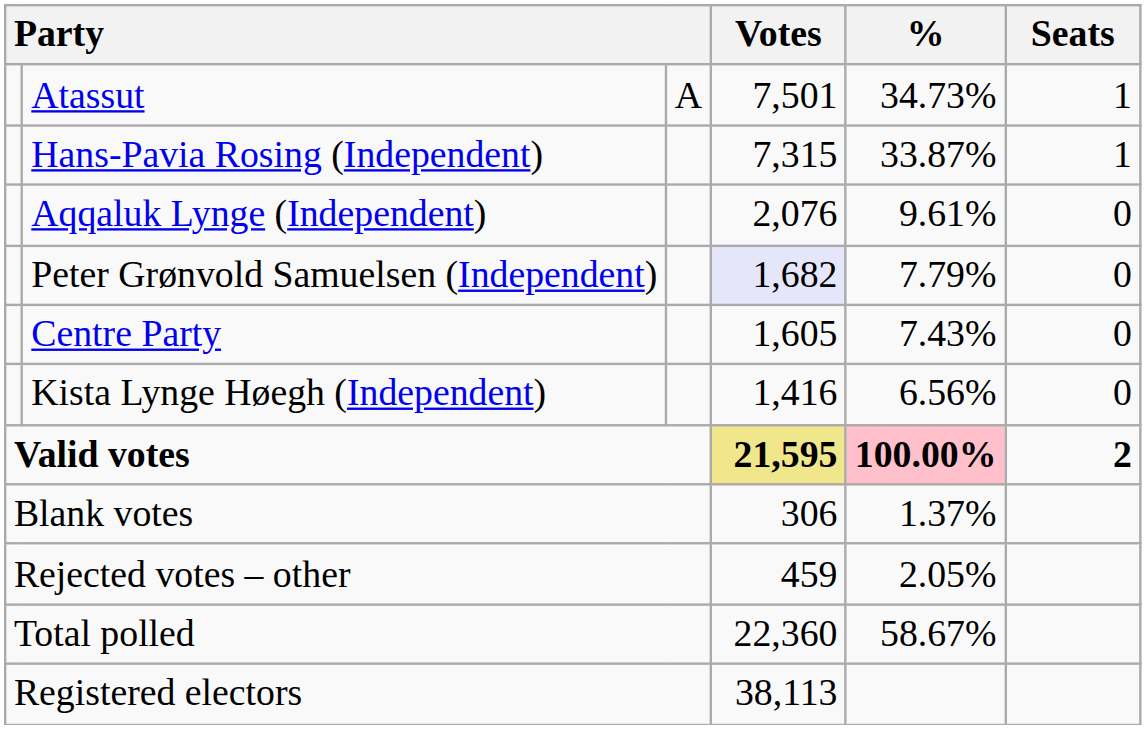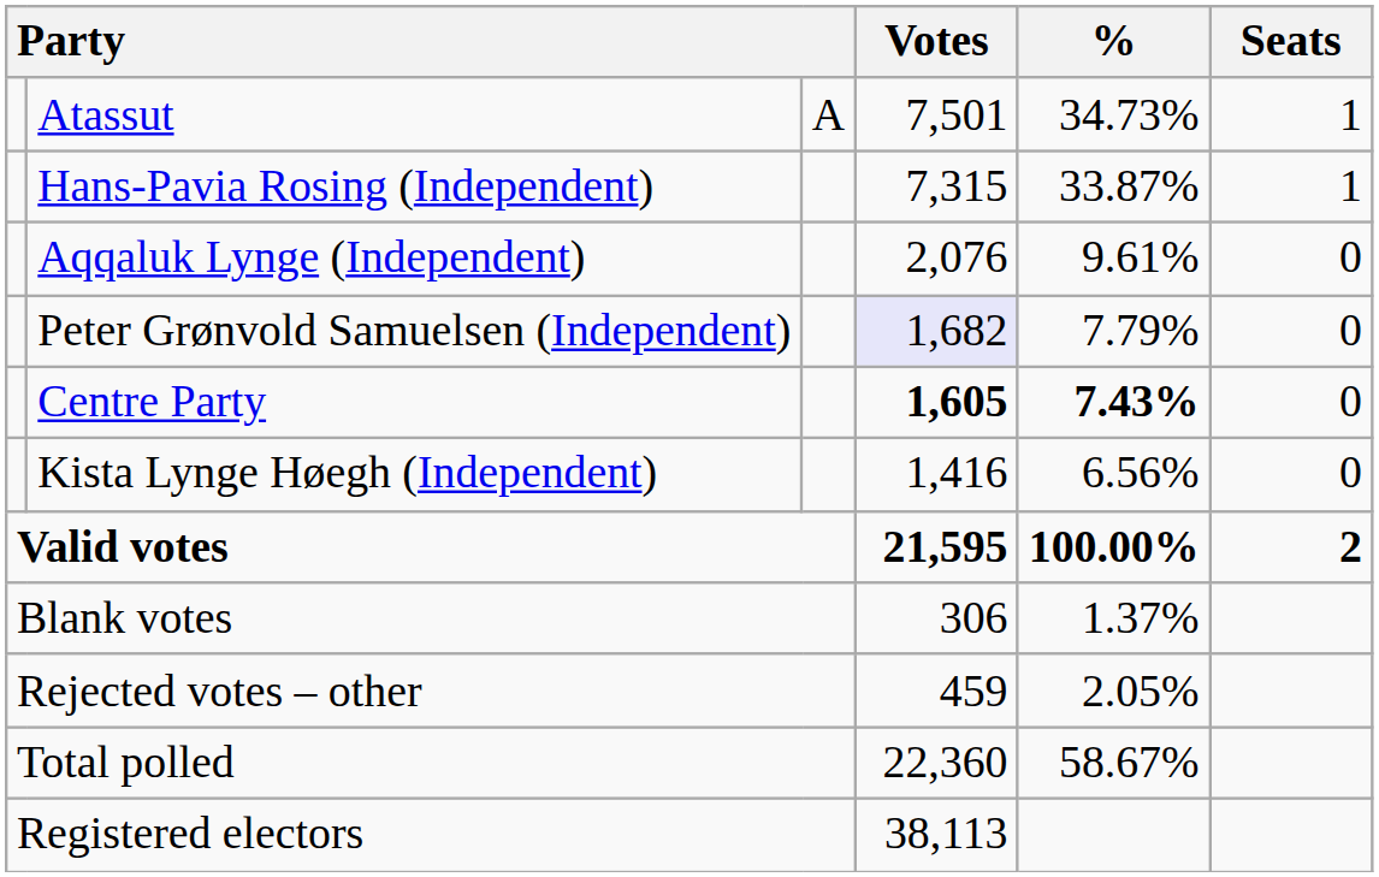 <table class="wikitable" border="1" style="text-align:right;">
 <tr>
 <th style="text-align:left;" valign=bottom colspan=3>Party</th>
 <th align=center valign=bottom width="50">Votes</th>
 <th align=center valign=bottom width="50">%</th>
 <th align=center valign=bottom width="50">Seats</th>
 </tr>
 <tr>
 <td></td>
 <td align=left><a href='#'>Atassut</a></td>
 <td align=left>A</td>
 <td>7,501</td>
 <td>34.73%</td>
 <td>1</td>
 </tr>
 <tr>
 <td></td>
 <td align=left><a href='#'>Hans-Pavia Rosing</a> (<a href='#'>Independent</a>)</td>
 <td></td>
 <td>7,315</td>
 <td>33.87%</td>
 <td>1</td>
 </tr>
 <tr>
 <td></td>
 <td align=left><a href='#'>Aqqaluk Lynge</a> (<a href='#'>Independent</a>)</td>
 <td></td>
 <td>2,076</td>
 <td>9.61%</td>
 <td>0</td>
 </tr>
 <tr>
 <td></td>
 <td align=left>Peter Grønvold Samuelsen (<a href='#'>Independent</a>)</td>
 <td></td>
 <td style="background: lavender;">1,682</td>
 <td>7.79%</td>
 <td>0</td>
 </tr>
 <tr>
 <td></td>
 <td align=left><a href='#'>Centre Party</a></td>
 <td></td>
-<td>1,605</td>
-<td>7.43%</td>
+<td><strong>1,605</strong></td>
+<td><strong>7.43%</strong></td>
 <td>0</td>
 </tr>
 <tr>
 <td></td>
 <td align=left>Kista Lynge Høegh (<a href='#'>Independent</a>)</td>
 <td></td>
 <td>1,416</td>
 <td>6.56%</td>
 <td>0</td>
 </tr>
 <tr style="font-weight:bold">
 <td align=left colspan=3>Valid votes</td>
-<td style="background: khaki;">21,595</td>
-<td style="background: pink;">100.00%</td>
+<td>21,595</td>
+<td>100.00%</td>
 <td>2</td>
 </tr>
 <tr>
 <td align=left colspan=3>Blank votes</td>
 <td>306</td>
 <td>1.37%</td>
 <td></td>
 </tr>
 <tr>
 <td align=left colspan=3>Rejected votes – other</td>
 <td>459</td>
 <td>2.05%</td>
 <td></td>
 </tr>
 <tr>
 <td align=left colspan=3>Total polled</td>
 <td>22,360</td>
 <td>58.67%</td>
 <td></td>
 </tr>
 <tr>
 <td align=left colspan=3>Registered electors</td>
 <td>38,113</td>
 <td></td>
 <td></td>
 </tr>
 </table>
